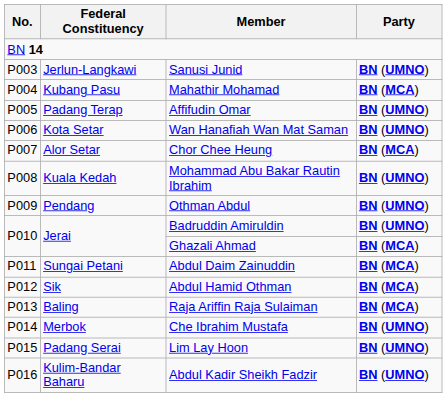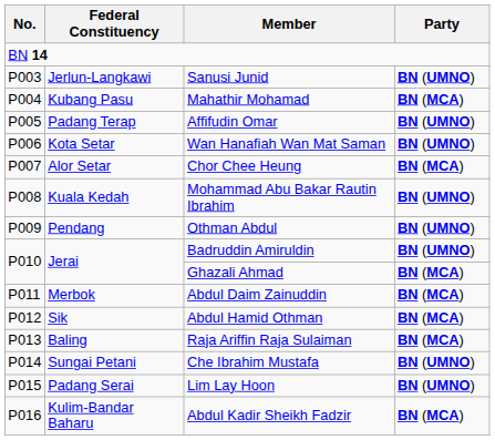 <table class="wikitable sortable">
 <tr>
 <th style="width:30px;">No.</th>
 <th style="width:150px;">Federal Constituency</th>
 <th style="width:230px;">Member</th>
 <th style="width:100px;">Party</th>
 </tr>
 <tr>
 <td colspan="4"><a href='#'>BN</a> <strong>14</strong></td>
 </tr>
 <tr>
 <td>P003</td>
 <td><a href='#'>Jerlun-Langkawi</a></td>
 <td><a href='#'>Sanusi Junid</a></td>
 <td><strong><a href='#'>BN</a></strong> (<strong><a href='#'>UMNO</a></strong>)</td>
 </tr>
 <tr>
 <td>P004</td>
 <td><a href='#'>Kubang Pasu</a></td>
 <td><a href='#'>Mahathir Mohamad</a></td>
 <td><strong><a href='#'>BN</a></strong> (<strong><a href='#'>MCA</a></strong>)</td>
 </tr>
 <tr>
 <td>P005</td>
 <td><a href='#'>Padang Terap</a></td>
 <td><a href='#'>Affifudin Omar</a></td>
 <td><strong><a href='#'>BN</a></strong> (<strong><a href='#'>UMNO</a></strong>)</td>
 </tr>
 <tr>
 <td>P006</td>
 <td><a href='#'>Kota Setar</a></td>
 <td><a href='#'>Wan Hanafiah Wan Mat Saman</a></td>
 <td><strong><a href='#'>BN</a></strong> (<strong><a href='#'>UMNO</a></strong>)</td>
 </tr>
 <tr>
 <td>P007</td>
 <td><a href='#'>Alor Setar</a></td>
 <td><a href='#'>Chor Chee Heung</a></td>
 <td><strong><a href='#'>BN</a></strong> (<strong><a href='#'>MCA</a></strong>)</td>
 </tr>
 <tr>
 <td>P008</td>
 <td><a href='#'>Kuala Kedah</a></td>
 <td><a href='#'>Mohammad Abu Bakar Rautin Ibrahim</a></td>
 <td><strong><a href='#'>BN</a></strong> (<strong><a href='#'>UMNO</a></strong>)</td>
 </tr>
 <tr>
 <td>P009</td>
 <td><a href='#'>Pendang</a></td>
 <td><a href='#'>Othman Abdul</a></td>
 <td><strong><a href='#'>BN</a></strong> (<strong><a href='#'>UMNO</a></strong>)</td>
 </tr>
 <tr>
 <td rowspan=2>P010</td>
 <td rowspan=2><a href='#'>Jerai</a></td>
 <td><a href='#'>Badruddin Amiruldin</a> </td>
 <td><strong><a href='#'>BN</a></strong> (<strong><a href='#'>UMNO</a></strong>)</td>
 </tr>
 <tr>
 <td><a href='#'>Ghazali Ahmad</a> </td>
 <td><strong><a href='#'>BN</a></strong> (<strong><a href='#'>MCA</a></strong>)</td>
 </tr>
 <tr>
 <td>P011</td>
-<td><a href='#'>Sungai Petani</a></td>
+<td><a href='#'>Merbok</a></td>
 <td><a href='#'>Abdul Daim Zainuddin</a></td>
 <td><strong><a href='#'>BN</a></strong> (<strong><a href='#'>MCA</a></strong>)</td>
 </tr>
 <tr>
 <td>P012</td>
 <td><a href='#'>Sik</a></td>
 <td><a href='#'>Abdul Hamid Othman</a></td>
 <td><strong><a href='#'>BN</a></strong> (<strong><a href='#'>MCA</a></strong>)</td>
 </tr>
 <tr>
 <td>P013</td>
 <td><a href='#'>Baling</a></td>
 <td><a href='#'>Raja Ariffin Raja Sulaiman</a></td>
 <td><strong><a href='#'>BN</a></strong> (<strong><a href='#'>MCA</a></strong>)</td>
 </tr>
 <tr>
 <td>P014</td>
-<td><a href='#'>Merbok</a></td>
+<td><a href='#'>Sungai Petani</a></td>
 <td><a href='#'>Che Ibrahim Mustafa</a></td>
 <td><strong><a href='#'>BN</a></strong> (<strong><a href='#'>UMNO</a></strong>)</td>
 </tr>
 <tr>
 <td>P015</td>
 <td><a href='#'>Padang Serai</a></td>
 <td><a href='#'>Lim Lay Hoon</a></td>
 <td><strong><a href='#'>BN</a></strong> (<strong><a href='#'>UMNO</a></strong>)</td>
 </tr>
 <tr>
 <td>P016</td>
 <td><a href='#'>Kulim-Bandar Baharu</a></td>
 <td><a href='#'>Abdul Kadir Sheikh Fadzir</a></td>
-<td><strong><a href='#'>BN</a></strong> (<strong><a href='#'>UMNO</a></strong>)</td>
+<td><strong><a href='#'>BN</a></strong> (<strong><a href='#'>MCA</a></strong>)</td>
 </tr>
 </table>
